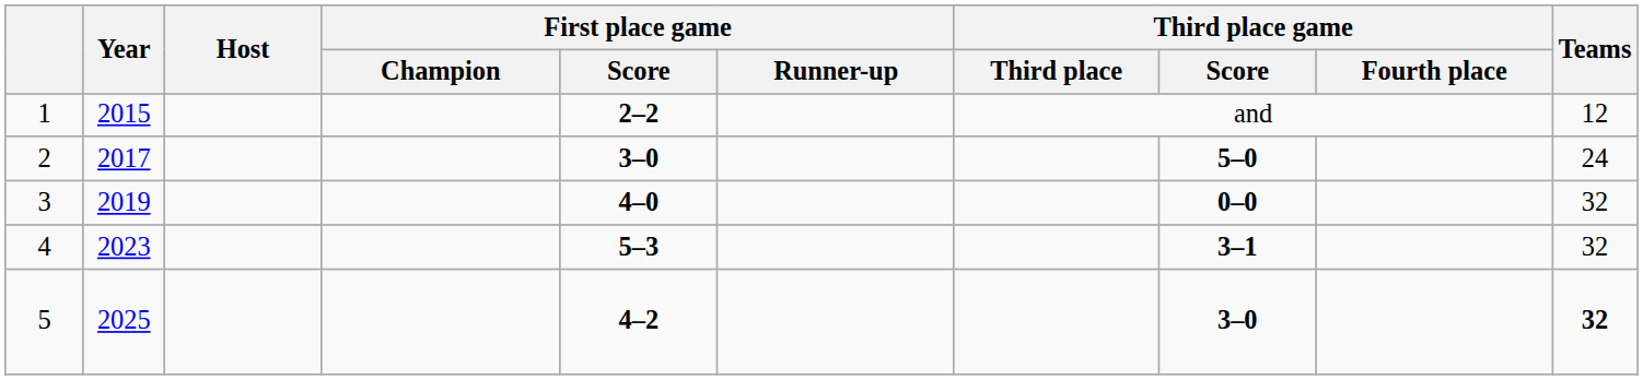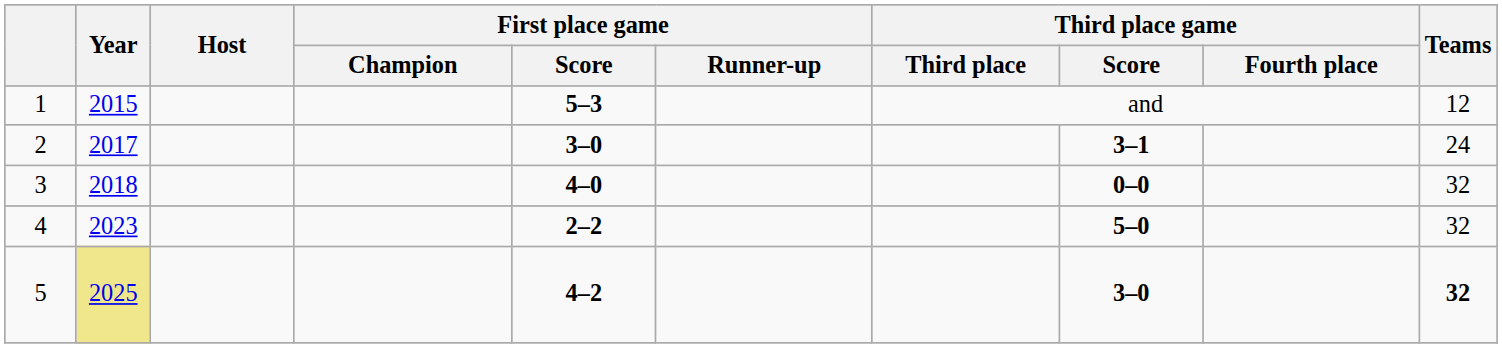 <table class="wikitable" style="font-size:90%; text-align:center; width:100%;">
 <tr>
 <th rowspan="2" style="width:5%;"></th>
 <th rowspan="2" style="width:5%;">Year</th>
 <th rowspan="2" style="width:10%;">Host</th>
 <th colspan="3">First place game</th>
 <th colspan="3">Third place game</th>
 <th rowspan="2" style="width:5%;">Teams</th>
 </tr>
 <tr>
 <th style="width:15%;"> Champion</th>
 <th style="width:10%;">Score</th>
 <th style="width:15%;"> Runner-up</th>
 <th style="width:13%;"> Third place</th>
 <th style="width:10%;">Score</th>
 <th style="width:15%;"> Fourth place</th>
 </tr>
 <tr>
 <td>1</td>
 <td><a href='#'>2015</a></td>
 <td style="text-align:left"></td>
 <td></td>
-<td><strong>2–2</strong> </td>
+<td><strong>5–3</strong></td>
 <td></td>
 <td colspan="3"> and  </td>
 <td>12</td>
 </tr>
 <tr>
 <td>2</td>
 <td><a href='#'>2017</a></td>
 <td style="text-align:left"></td>
 <td></td>
 <td><strong>3–0</strong></td>
 <td></td>
 <td></td>
-<td><strong>5–0</strong></td>
+<td><strong>3–1</strong></td>
 <td></td>
 <td>24</td>
 </tr>
 <tr>
 <td>3</td>
-<td><a href='#'>2019</a></td>
+<td><a href='#'>2018</a></td>
 <td style="text-align:left"></td>
 <td></td>
 <td><strong>4–0</strong></td>
 <td></td>
 <td></td>
 <td><strong>0–0</strong> </td>
 <td></td>
 <td>32</td>
 </tr>
 <tr>
 <td>4</td>
 <td><a href='#'>2023</a></td>
 <td style="text-align:left"></td>
 <td></td>
-<td><strong>5–3</strong></td>
+<td><strong>2–2</strong> </td>
 <td></td>
 <td></td>
-<td><strong>3–1</strong></td>
+<td><strong>5–0</strong></td>
 <td></td>
 <td>32</td>
 </tr>
 <tr style=" height:4em;">
 <td>5</td>
-<td><a href='#'>2025</a></td>
+<td style="background: khaki;"><a href='#'>2025</a></td>
 <td style="text-align:left"></td>
 <td></td>
 <td><strong>4–2</strong></td>
 <td></td>
 <td></td>
 <td><strong>3–0</strong></td>
 <td></td>
 <td><strong>32</strong></td>
 </tr>
 </table>
